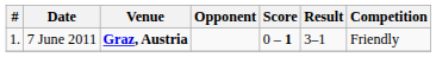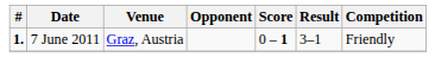 <table class="wikitable" style="margin:auto;">
 <tr>
 <th>#</th>
 <th>Date</th>
 <th>Venue</th>
 <th>Opponent</th>
 <th>Score</th>
 <th>Result</th>
 <th>Competition</th>
 </tr>
 <tr>
-<td>1.</td>
+<td><strong>1.</strong></td>
 <td>7 June 2011</td>
-<td><strong><a href='#'>Graz</a>, Austria</strong></td>
+<td><a href='#'>Graz</a>, Austria</td>
 <td></td>
 <td>0 – <strong>1</strong></td>
 <td>3–1</td>
 <td>Friendly</td>
 </tr>
 <tr>
 </tr>
 </table>
